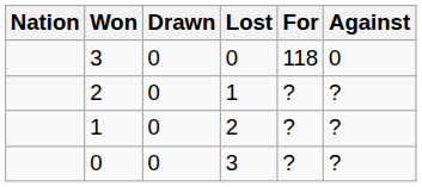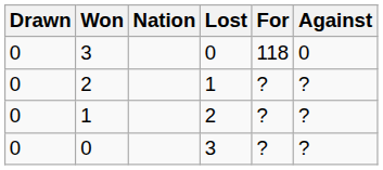 <table class="wikitable">
 <tr>
+<th>Drawn</th>
+<th>Won</th>
 <th>Nation</th>
-<th>Won</th>
-<th>Drawn</th>
 <th>Lost</th>
 <th>For</th>
 <th>Against</th>
 </tr>
 <tr>
+<td>0</td>
+<td>3</td>
 <td></td>
-<td>3</td>
-<td>0</td>
 <td>0</td>
 <td>118</td>
 <td>0</td>
 </tr>
 <tr>
+<td>0</td>
+<td>2</td>
 <td></td>
-<td>2</td>
-<td>0</td>
 <td>1</td>
 <td>?</td>
 <td>?</td>
 </tr>
 <tr>
+<td>0</td>
+<td>1</td>
 <td></td>
-<td>1</td>
-<td>0</td>
 <td>2</td>
 <td>?</td>
 <td>?</td>
 </tr>
 <tr>
-<td></td>
 <td>0</td>
 <td>0</td>
+<td></td>
 <td>3</td>
 <td>?</td>
 <td>?</td>
 </tr>
 </table>
